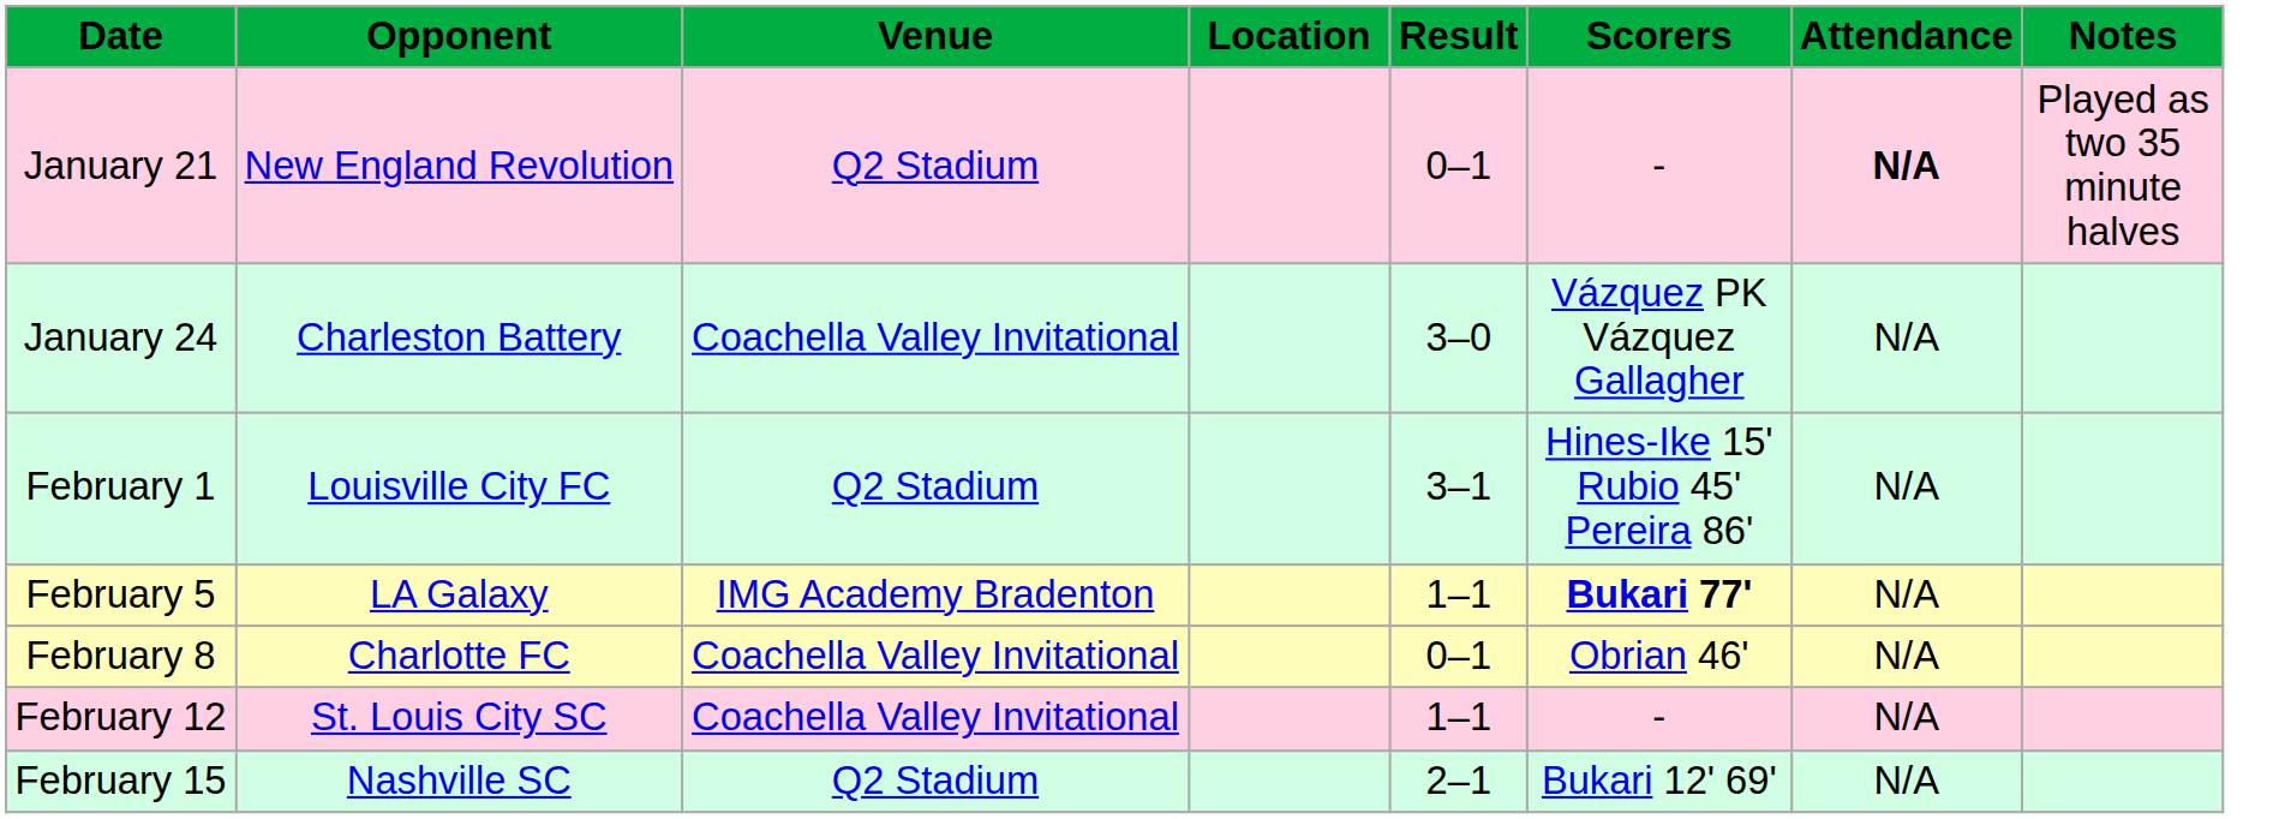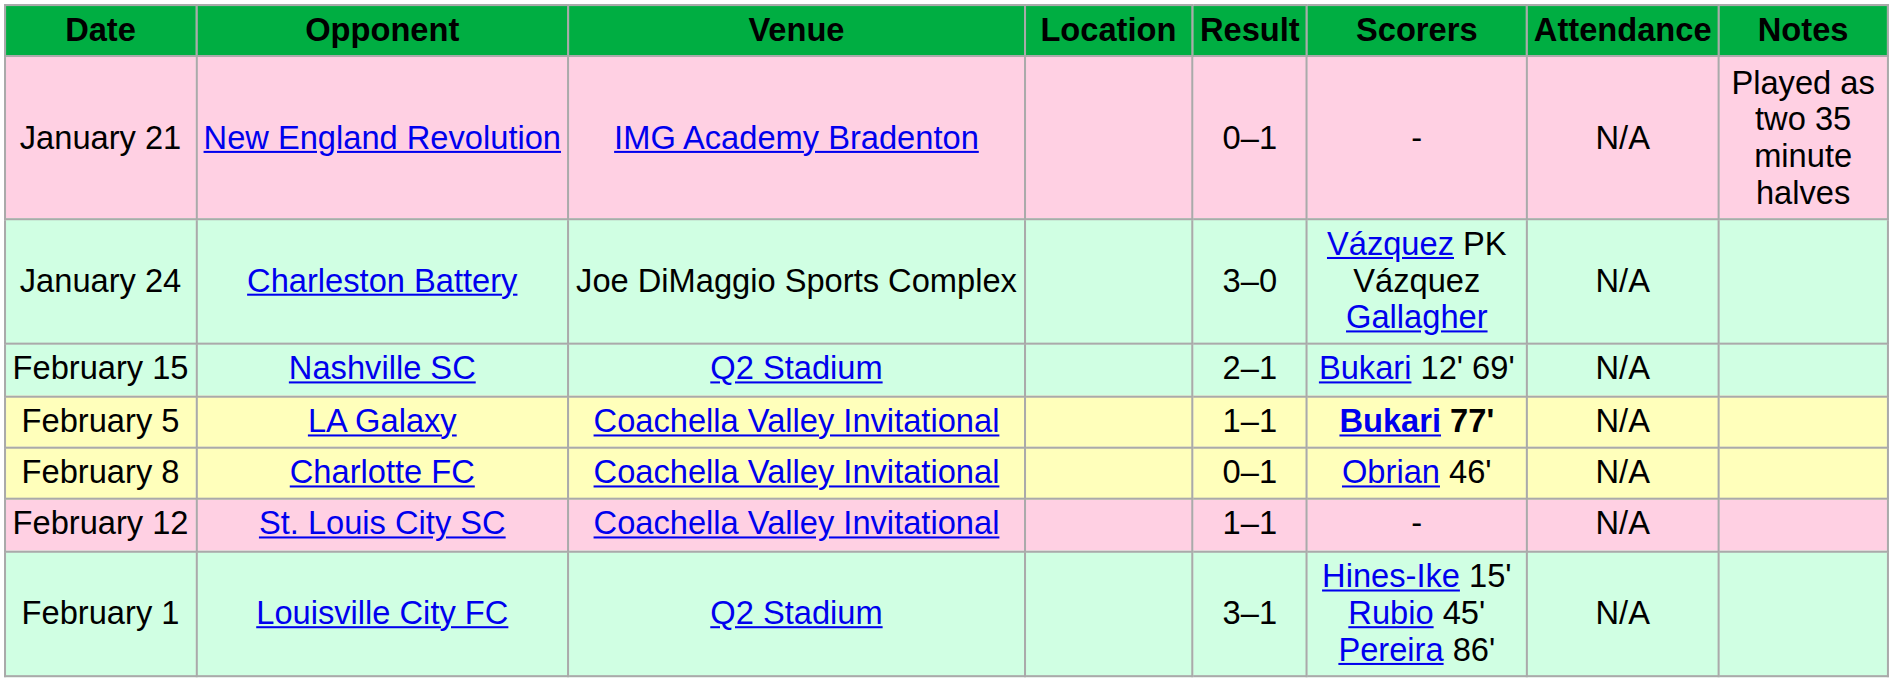 <table class="wikitable" style="text-align:center">
 <tr>
 <th style="background:#00AE42; color:black;">Date</th>
 <th style="background:#00AE42; color:black;">Opponent</th>
 <th style="background:#00AE42; color:black;">Venue</th>
 <th style="background:#00AE42; color:black; width:75px">Location</th>
 <th style="background:#00AE42; color:black;">Result</th>
 <th style="background:#00AE42; color:black; width:100px">Scorers</th>
 <th style="background:#00AE42; color:black;">Attendance</th>
 <th style="background:#00AE42; color:black; width:75px">Notes</th>
 </tr>
 <tr bgcolor = ffd0e3>
 <td>January 21</td>
 <td align="center"><a href='#'>New England Revolution</a></td>
-<td><a href='#'>Q2 Stadium</a></td>
+<td><a href='#'>IMG Academy Bradenton</a></td>
 <td></td>
 <td>0–1</td>
 <td>-</td>
-<td><strong>N/A</strong></td>
+<td>N/A</td>
 <td align="center">Played as two 35 minute halves</td>
 </tr>
 <tr bgcolor = d0ffe3>
 <td>January 24</td>
 <td align="center"><a href='#'>Charleston Battery</a></td>
-<td><a href='#'>Coachella Valley Invitational</a></td>
+<td>Joe DiMaggio Sports Complex</td>
 <td></td>
 <td>3–0</td>
 <td><a href='#'>Vázquez</a> PK<br>Vázquez<br><a href='#'>Gallagher</a></td>
 <td>N/A</td>
 <td align="center"></td>
 </tr>
 <tr bgcolor = d0ffe3>
-<td>February 1</td>
-<td align="center"><a href='#'>Louisville City FC</a></td>
+<td>February 15</td>
+<td align="center"><a href='#'>Nashville SC</a></td>
 <td><a href='#'>Q2 Stadium</a></td>
 <td></td>
-<td>3–1</td>
-<td><a href='#'>Hines-Ike</a> 15'<br><a href='#'>Rubio</a> 45'<br><a href='#'>Pereira</a> 86'</td>
+<td>2–1</td>
+<td><a href='#'>Bukari</a> 12' 69'</td>
 <td>N/A</td>
 <td align="center"></td>
 </tr>
 <tr bgcolor = ffffbb>
 <td>February 5</td>
 <td align="center"><a href='#'>LA Galaxy</a></td>
-<td><a href='#'>IMG Academy Bradenton</a></td>
+<td><a href='#'>Coachella Valley Invitational</a></td>
 <td></td>
 <td>1–1</td>
 <td><strong><a href='#'>Bukari</a> 77'</strong></td>
 <td>N/A</td>
 <td align="center"></td>
 </tr>
 <tr bgcolor = ffffbb>
 <td>February 8</td>
 <td align="center"><a href='#'>Charlotte FC</a></td>
 <td><a href='#'>Coachella Valley Invitational</a></td>
 <td></td>
 <td>0–1</td>
 <td><a href='#'>Obrian</a> 46'</td>
 <td>N/A</td>
 <td align="center"></td>
 </tr>
 <tr bgcolor = ffd0e3>
 <td>February 12</td>
 <td align="center"><a href='#'>St. Louis City SC</a></td>
 <td><a href='#'>Coachella Valley Invitational</a></td>
 <td></td>
 <td>1–1</td>
 <td>-</td>
 <td>N/A</td>
 <td align="center"></td>
 </tr>
 <tr bgcolor = d0ffe3>
-<td>February 15</td>
-<td align="center"><a href='#'>Nashville SC</a></td>
+<td>February 1</td>
+<td align="center"><a href='#'>Louisville City FC</a></td>
 <td><a href='#'>Q2 Stadium</a></td>
 <td></td>
-<td>2–1</td>
-<td><a href='#'>Bukari</a> 12' 69'</td>
+<td>3–1</td>
+<td><a href='#'>Hines-Ike</a> 15'<br><a href='#'>Rubio</a> 45'<br><a href='#'>Pereira</a> 86'</td>
 <td>N/A</td>
 <td align="center"></td>
 </tr>
 </table>
